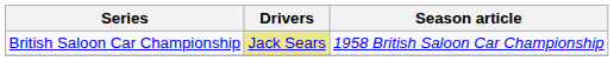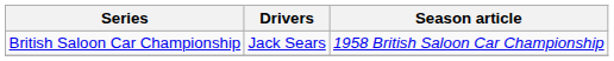 <table class="wikitable" style="font-size: 87%;">
 <tr>
 <th>Series</th>
 <th>Drivers</th>
 <th>Season article</th>
 </tr>
 <tr>
 <td><a href='#'>British Saloon Car Championship</a></td>
-<td style="background: khaki;"> <a href='#'>Jack Sears</a></td>
+<td> <a href='#'>Jack Sears</a></td>
 <td><em><a href='#'>1958 British Saloon Car Championship</a></em></td>
 </tr>
 <tr>
 </tr>
 </table>
